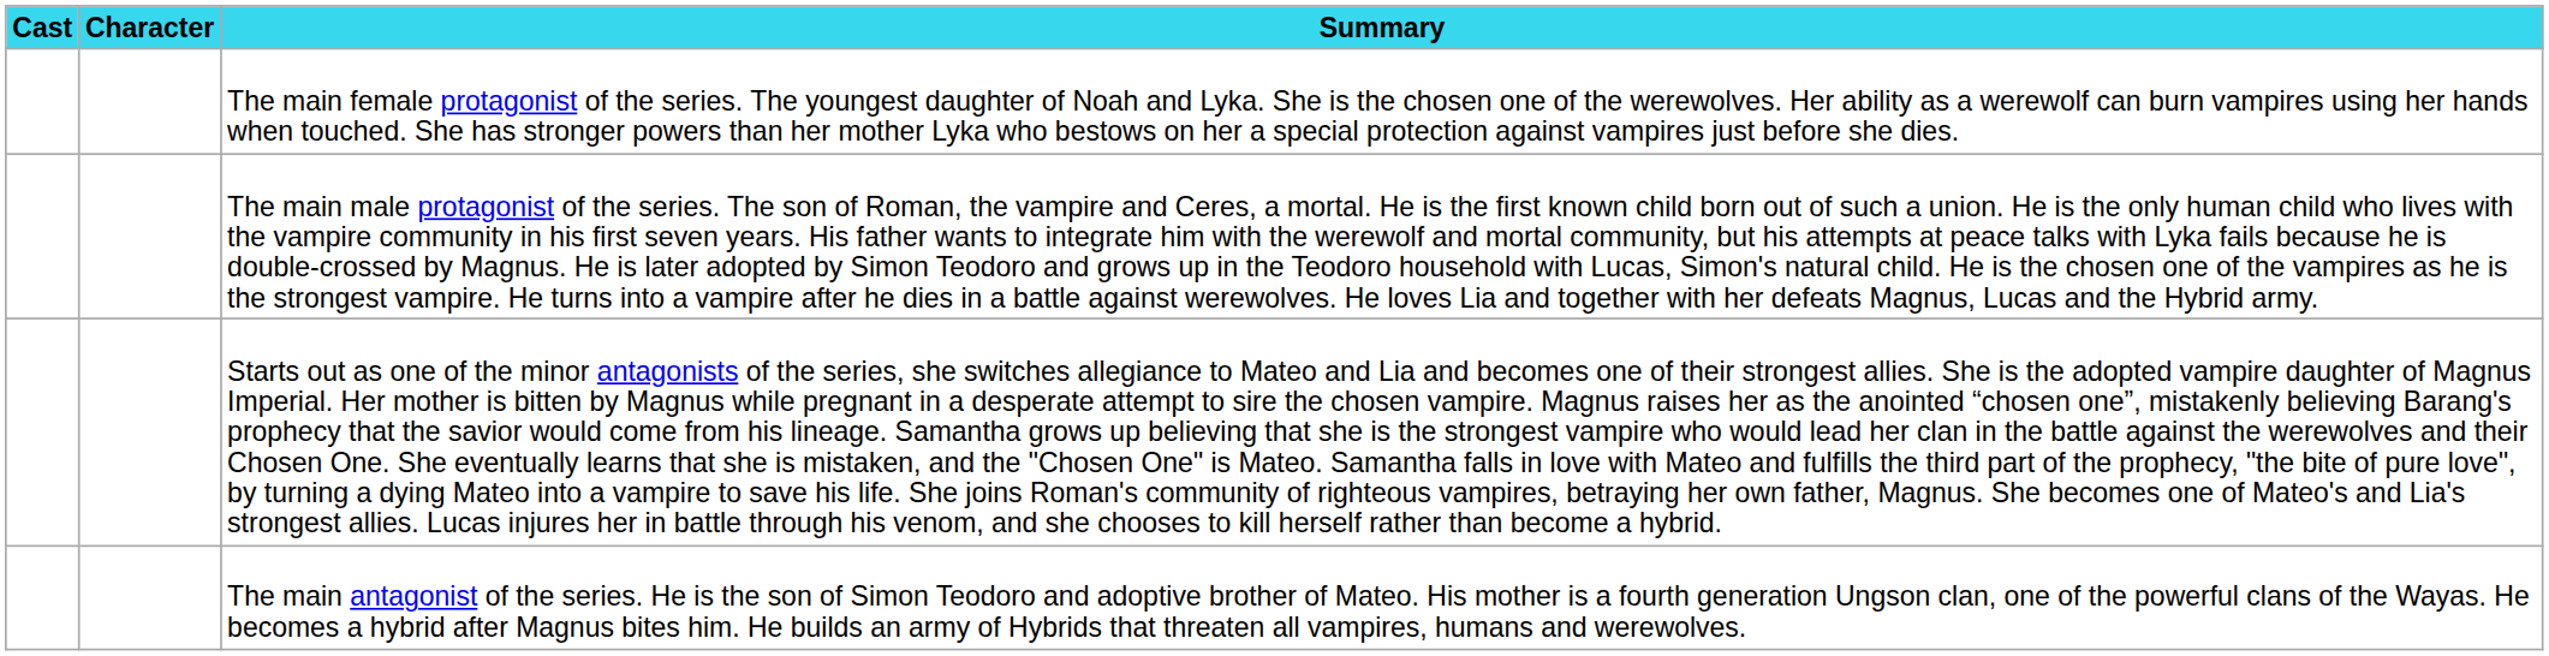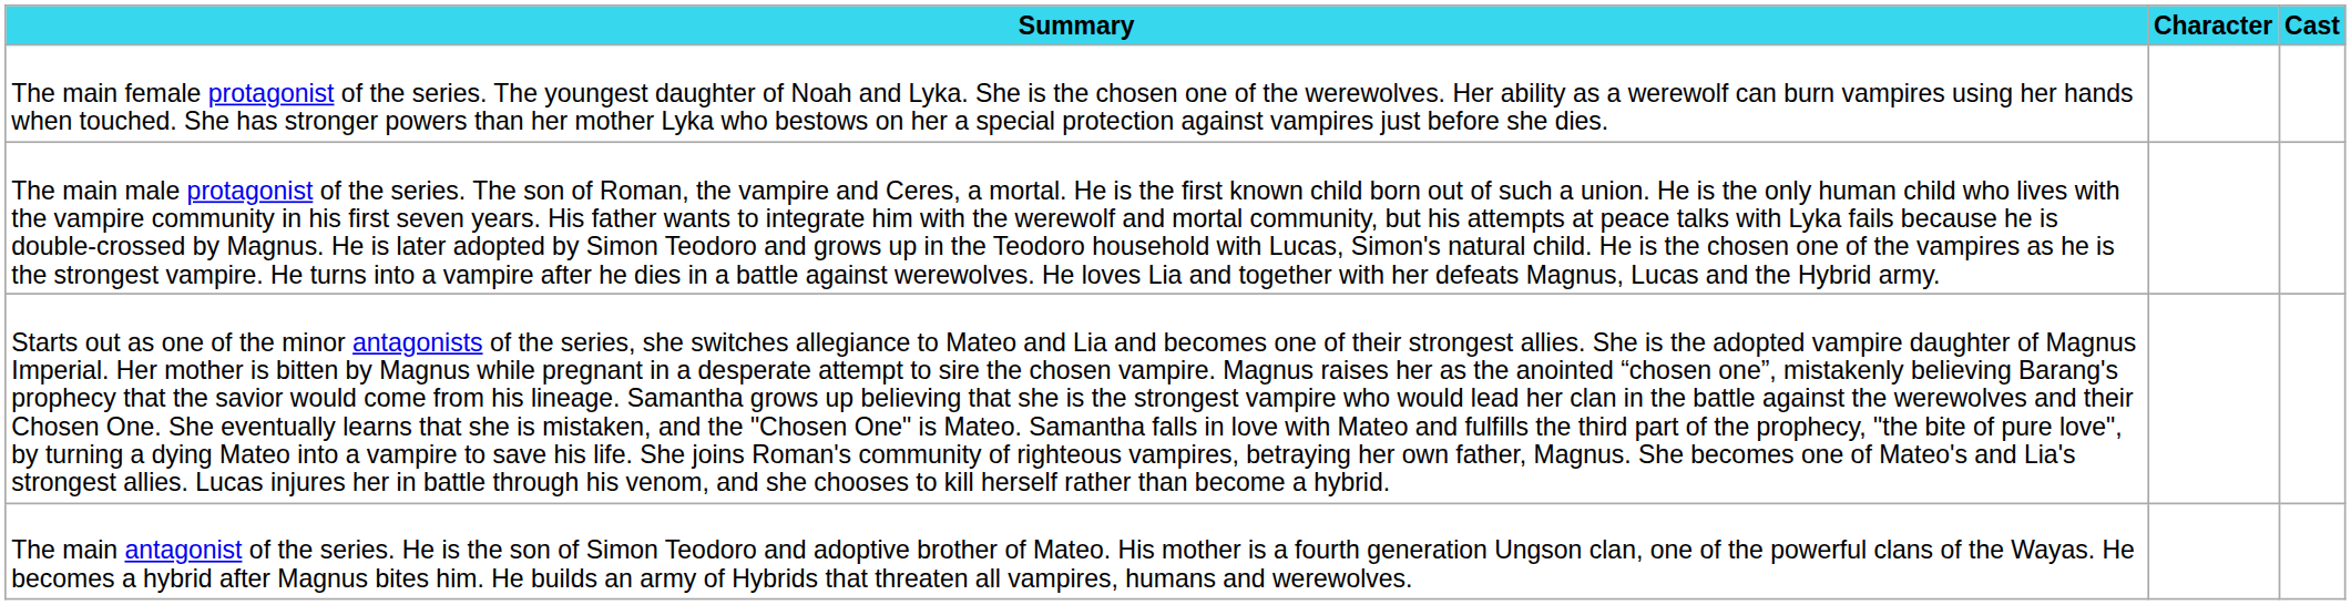 <table class="wikitable" style="background:#ffffff; font-size: 85%;">
 <tr>
+<th style="background:#37D7EE;">Summary</th>
+<th style="background:#37D7EE; ">Character</th>
 <th style="background:#37D7EE;">Cast</th>
-<th style="background:#37D7EE; ">Character</th>
-<th style="background:#37D7EE;">Summary</th>
 </tr>
 <tr>
+<td><br>The main female <a href='#'>protagonist</a> of the series. The youngest daughter of Noah and Lyka. She is the chosen one of the werewolves. Her ability as a werewolf can burn vampires using her hands when touched. She has stronger powers than her mother Lyka who bestows on her a special protection against vampires just before she dies.</td>
 <td></td>
 <td></td>
-<td><br>The main female <a href='#'>protagonist</a> of the series. The youngest daughter of Noah and Lyka. She is the chosen one of the werewolves. Her ability as a werewolf can burn vampires using her hands when touched. She has stronger powers than her mother Lyka who bestows on her a special protection against vampires just before she dies.</td>
 </tr>
 <tr>
+<td><br>The main male <a href='#'>protagonist</a> of the series. The son of Roman, the vampire and Ceres, a mortal. He is the first known child born out of such a union. He is the only human child who lives with the vampire community in his first seven years. His father wants to integrate him with the werewolf and mortal community, but his attempts at peace talks with Lyka fails because he is double-crossed by Magnus. He is later adopted by Simon Teodoro and grows up in the Teodoro household with Lucas, Simon's natural child. He is the chosen one of the vampires as he is the strongest vampire. He turns into a vampire after he dies in a battle against werewolves. He loves Lia and together with her defeats Magnus, Lucas and the Hybrid army.</td>
 <td></td>
 <td></td>
-<td><br>The main male <a href='#'>protagonist</a> of the series. The son of Roman, the vampire and Ceres, a mortal. He is the first known child born out of such a union. He is the only human child who lives with the vampire community in his first seven years. His father wants to integrate him with the werewolf and mortal community, but his attempts at peace talks with Lyka fails because he is double-crossed by Magnus. He is later adopted by Simon Teodoro and grows up in the Teodoro household with Lucas, Simon's natural child. He is the chosen one of the vampires as he is the strongest vampire. He turns into a vampire after he dies in a battle against werewolves. He loves Lia and together with her defeats Magnus, Lucas and the Hybrid army.</td>
 </tr>
 <tr>
+<td><br>Starts out as one of the minor <a href='#'>antagonists</a> of the series, she switches allegiance to Mateo and Lia and becomes one of their strongest allies. She is the adopted vampire daughter of Magnus Imperial. Her mother is bitten by Magnus while pregnant in a desperate attempt to sire the chosen vampire. Magnus raises her as the anointed “chosen one”, mistakenly believing Barang's prophecy that the savior would come from his lineage. Samantha grows up believing that she is the strongest vampire who would lead her clan in the battle against the werewolves and their Chosen One. She eventually learns that she is mistaken, and the "Chosen One" is Mateo. Samantha falls in love with Mateo and fulfills the third part of the prophecy, "the bite of pure love", by turning a dying Mateo into a vampire to save his life. She joins Roman's community of righteous vampires, betraying her own father, Magnus. She becomes one of Mateo's and Lia's strongest allies. Lucas injures her in battle through his venom, and she chooses to kill herself rather than become a hybrid.</td>
 <td></td>
 <td></td>
-<td><br>Starts out as one of the minor <a href='#'>antagonists</a> of the series, she switches allegiance to Mateo and Lia and becomes one of their strongest allies. She is the adopted vampire daughter of Magnus Imperial. Her mother is bitten by Magnus while pregnant in a desperate attempt to sire the chosen vampire. Magnus raises her as the anointed “chosen one”, mistakenly believing Barang's prophecy that the savior would come from his lineage. Samantha grows up believing that she is the strongest vampire who would lead her clan in the battle against the werewolves and their Chosen One. She eventually learns that she is mistaken, and the "Chosen One" is Mateo. Samantha falls in love with Mateo and fulfills the third part of the prophecy, "the bite of pure love", by turning a dying Mateo into a vampire to save his life. She joins Roman's community of righteous vampires, betraying her own father, Magnus. She becomes one of Mateo's and Lia's strongest allies. Lucas injures her in battle through his venom, and she chooses to kill herself rather than become a hybrid.</td>
 </tr>
 <tr>
+<td><br>The main <a href='#'>antagonist</a> of the series. He is the son of Simon Teodoro and adoptive brother of Mateo. His mother is a fourth generation Ungson clan, one of the powerful clans of the Wayas. He becomes a hybrid after Magnus bites him. He builds an army of Hybrids that threaten all vampires, humans and werewolves.</td>
 <td></td>
 <td></td>
-<td><br>The main <a href='#'>antagonist</a> of the series. He is the son of Simon Teodoro and adoptive brother of Mateo. His mother is a fourth generation Ungson clan, one of the powerful clans of the Wayas. He becomes a hybrid after Magnus bites him. He builds an army of Hybrids that threaten all vampires, humans and werewolves.</td>
 </tr>
 </table>
